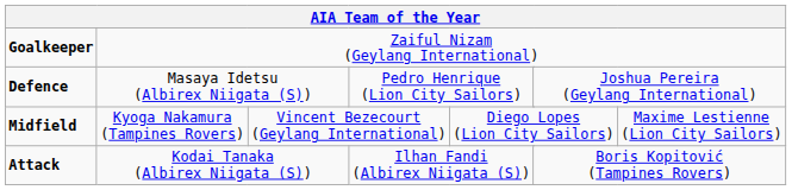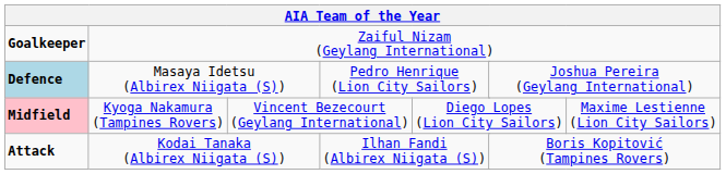 <table class="wikitable">
 <tr>
 <th colspan="13"><a href='#'>AIA Team of the Year</a></th>
 </tr>
 <tr>
 <td><strong>Goalkeeper</strong></td>
 <td colspan="12" align="center"> <a href='#'>Zaiful Nizam</a> <br> (<a href='#'>Geylang International</a>)</td>
 </tr>
 <tr>
-<td><strong>Defence</strong></td>
+<td style="background: lightblue;"><strong>Defence</strong></td>
 <td colspan="4" align="center"> Masaya Idetsu <br> (<a href='#'>Albirex Niigata (S)</a>)</td>
 <td colspan="4" align="center"> <a href='#'>Pedro Henrique</a> <br> (<a href='#'>Lion City Sailors</a>)</td>
 <td colspan="4" align="center"> <a href='#'>Joshua Pereira</a> <br> (<a href='#'>Geylang International</a>)</td>
 </tr>
 <tr>
-<td><strong>Midfield</strong></td>
+<td style="background: pink;"><strong>Midfield</strong></td>
 <td colspan="3" align="center"> <a href='#'>Kyoga Nakamura</a> <br> (<a href='#'>Tampines Rovers</a>)</td>
 <td colspan="3" align="center"> <a href='#'>Vincent Bezecourt</a> <br> (<a href='#'>Geylang International</a>)</td>
 <td colspan="3" align="center"> <a href='#'>Diego Lopes</a> <br> (<a href='#'>Lion City Sailors</a>)</td>
 <td colspan="3" align="center"> <a href='#'>Maxime Lestienne</a> <br> (<a href='#'>Lion City Sailors</a>)</td>
 </tr>
 <tr>
 <td><strong>Attack</strong></td>
 <td colspan="4" align="center"> <a href='#'>Kodai Tanaka</a> <br> (<a href='#'>Albirex Niigata (S)</a>)</td>
 <td colspan="4" align="center"> <a href='#'>Ilhan Fandi</a> <br> (<a href='#'>Albirex Niigata (S)</a>)</td>
 <td colspan="4" align="center"> <a href='#'>Boris Kopitović</a> <br> (<a href='#'>Tampines Rovers</a>)</td>
 </tr>
 </table>
